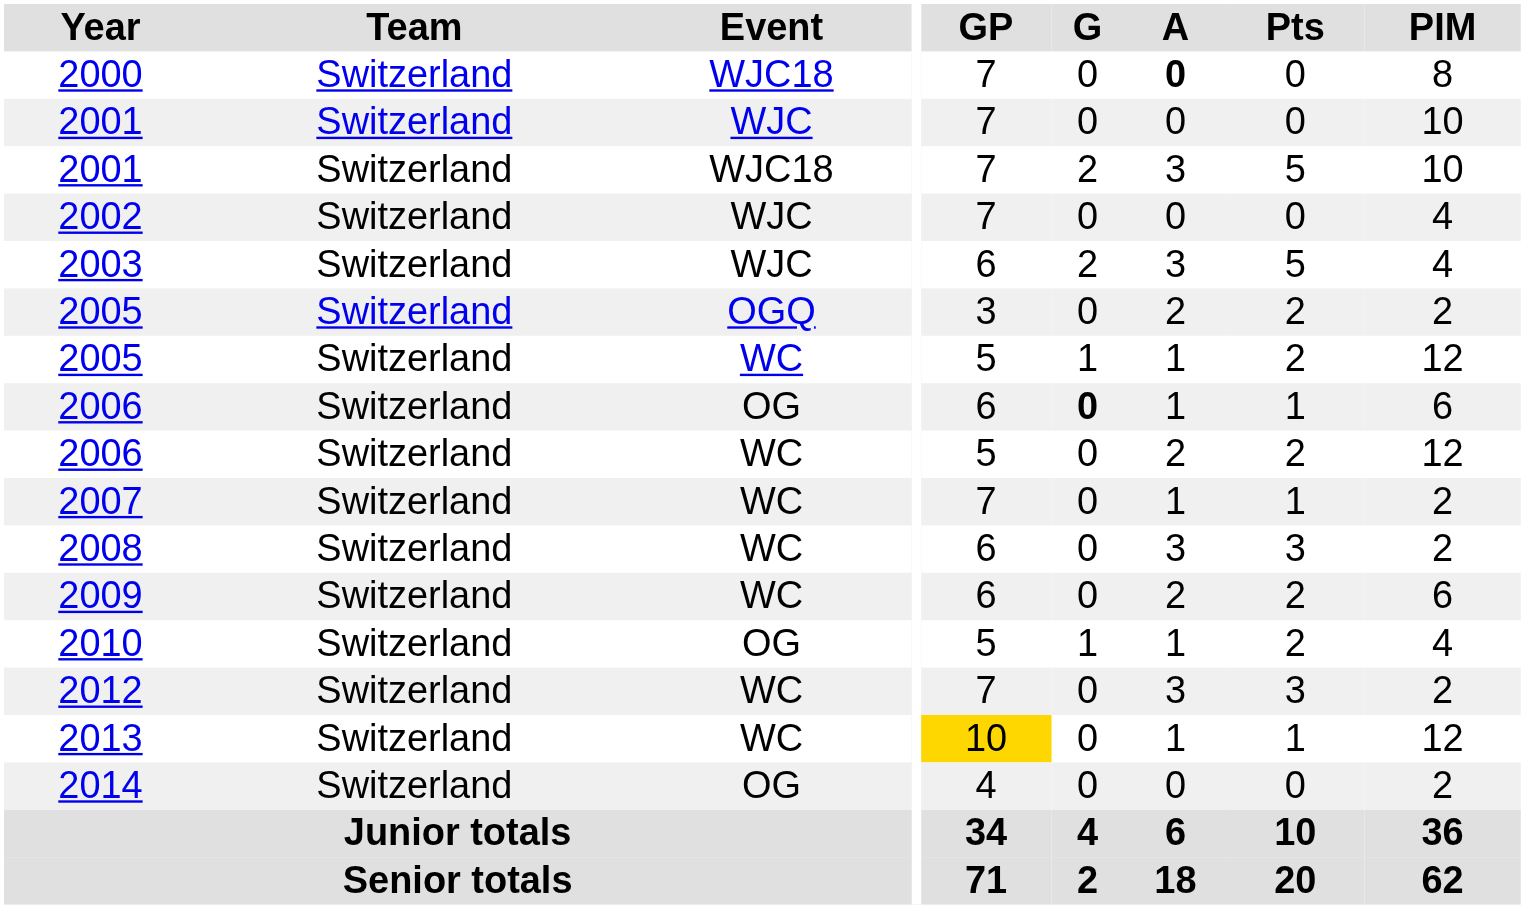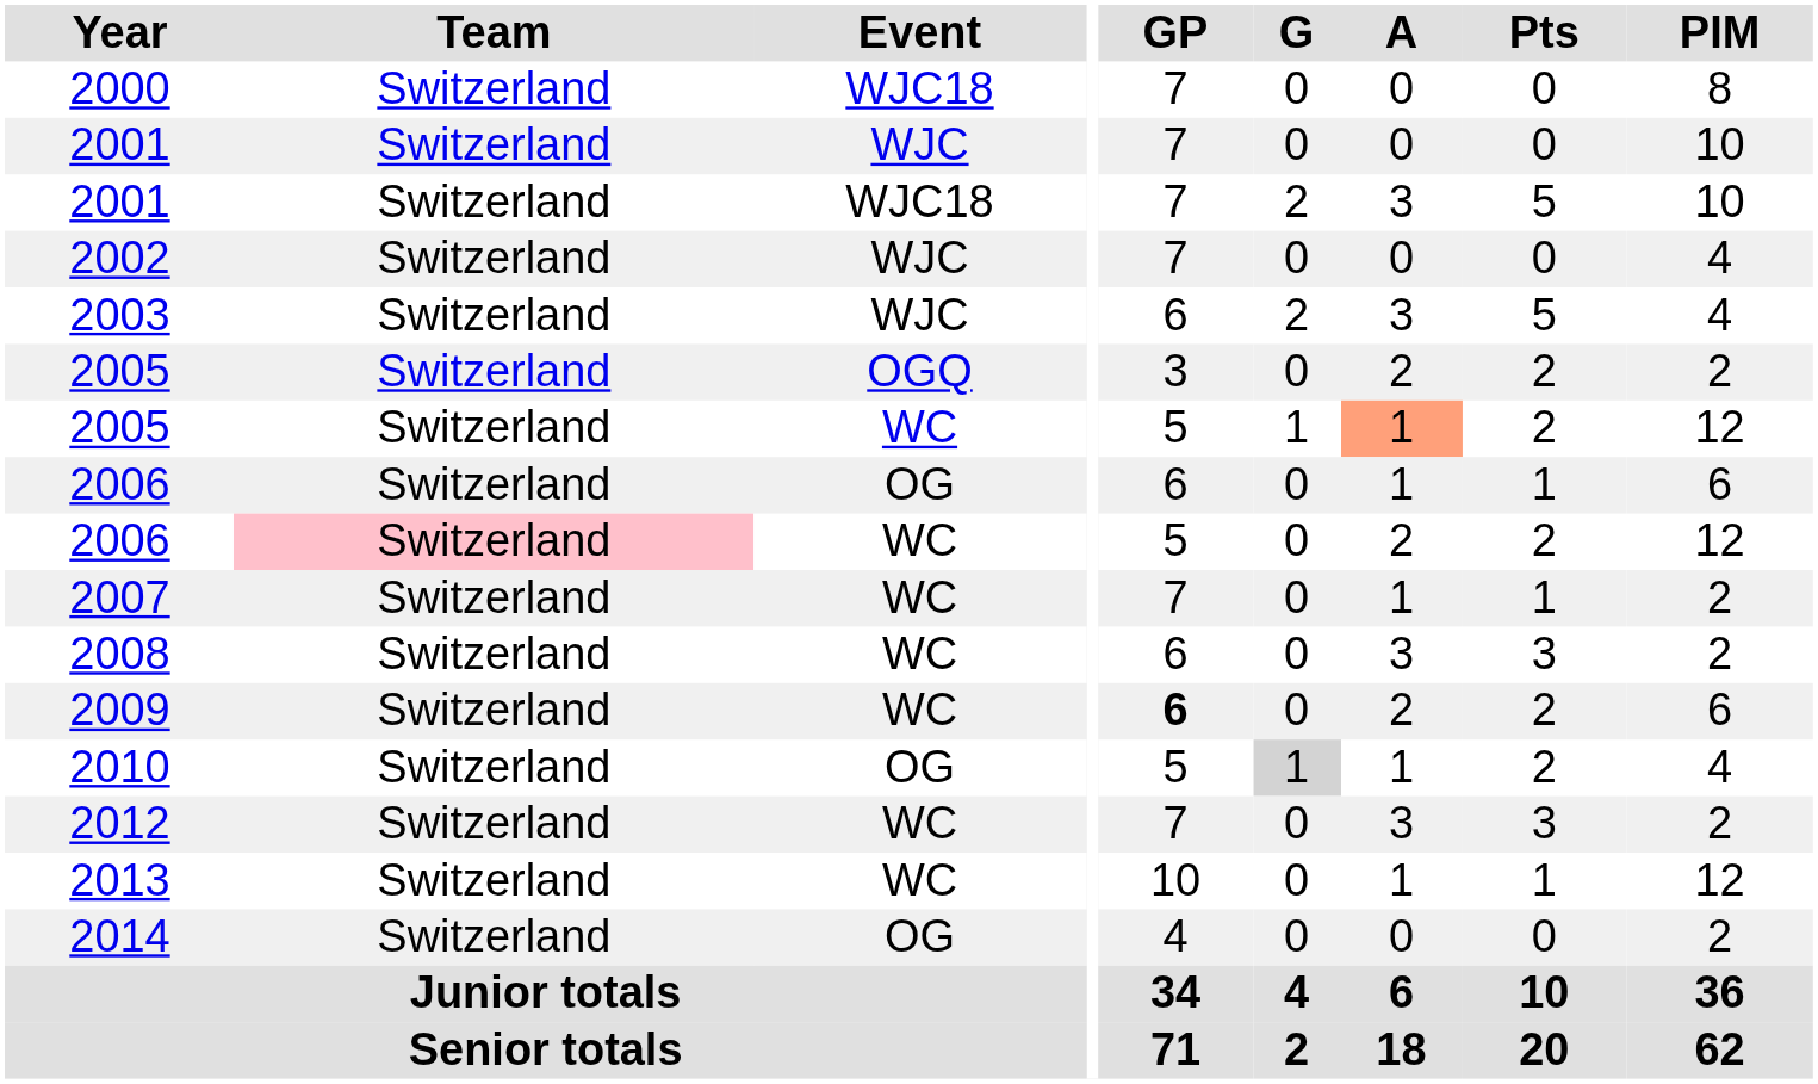 <table border="0" cellpadding="1" cellspacing="0" ID="Table3" style="text-align:center; width:40em">
 <tr ALIGN="center" bgcolor="#e0e0e0">
 <th>Year</th>
 <th>Team</th>
 <th>Event</th>
 <th rowspan="99" bgcolor="#ffffff"></th>
 <th>GP</th>
 <th>G</th>
 <th>A</th>
 <th>Pts</th>
 <th>PIM</th>
 </tr>
 <tr>
 <td><a href='#'>2000</a></td>
 <td><a href='#'>Switzerland</a></td>
 <td><a href='#'>WJC18</a></td>
 <td>7</td>
 <td>0</td>
-<td><strong>0</strong></td>
+<td>0</td>
 <td>0</td>
 <td>8</td>
 </tr>
 <tr bgcolor="#f0f0f0">
 <td><a href='#'>2001</a></td>
 <td><a href='#'>Switzerland</a></td>
 <td><a href='#'>WJC</a></td>
 <td>7</td>
 <td>0</td>
 <td>0</td>
 <td>0</td>
 <td>10</td>
 </tr>
 <tr>
 <td><a href='#'>2001</a></td>
 <td>Switzerland</td>
 <td>WJC18</td>
 <td>7</td>
 <td>2</td>
 <td>3</td>
 <td>5</td>
 <td>10</td>
 </tr>
 <tr bgcolor="#f0f0f0">
 <td><a href='#'>2002</a></td>
 <td>Switzerland</td>
 <td>WJC</td>
 <td>7</td>
 <td>0</td>
 <td>0</td>
 <td>0</td>
 <td>4</td>
 </tr>
 <tr>
 <td><a href='#'>2003</a></td>
 <td>Switzerland</td>
 <td>WJC</td>
 <td>6</td>
 <td>2</td>
 <td>3</td>
 <td>5</td>
 <td>4</td>
 </tr>
 <tr bgcolor="#f0f0f0">
 <td><a href='#'>2005</a></td>
 <td><a href='#'>Switzerland</a></td>
 <td><a href='#'>OGQ</a></td>
 <td>3</td>
 <td>0</td>
 <td>2</td>
 <td>2</td>
 <td>2</td>
 </tr>
 <tr>
 <td><a href='#'>2005</a></td>
 <td>Switzerland</td>
 <td><a href='#'>WC</a></td>
 <td>5</td>
 <td>1</td>
-<td>1</td>
+<td style="background: lightsalmon;">1</td>
 <td>2</td>
 <td>12</td>
 </tr>
 <tr bgcolor="#f0f0f0">
 <td><a href='#'>2006</a></td>
 <td>Switzerland</td>
 <td>OG</td>
 <td>6</td>
-<td><strong>0</strong></td>
+<td>0</td>
 <td>1</td>
 <td>1</td>
 <td>6</td>
 </tr>
 <tr>
 <td><a href='#'>2006</a></td>
-<td>Switzerland</td>
+<td style="background: pink;">Switzerland</td>
 <td>WC</td>
 <td>5</td>
 <td>0</td>
 <td>2</td>
 <td>2</td>
 <td>12</td>
 </tr>
 <tr bgcolor="#f0f0f0">
 <td><a href='#'>2007</a></td>
 <td>Switzerland</td>
 <td>WC</td>
 <td>7</td>
 <td>0</td>
 <td>1</td>
 <td>1</td>
 <td>2</td>
 </tr>
 <tr>
 <td><a href='#'>2008</a></td>
 <td>Switzerland</td>
 <td>WC</td>
 <td>6</td>
 <td>0</td>
 <td>3</td>
 <td>3</td>
 <td>2</td>
 </tr>
 <tr bgcolor="#f0f0f0">
 <td><a href='#'>2009</a></td>
 <td>Switzerland</td>
 <td>WC</td>
-<td>6</td>
+<td><strong>6</strong></td>
 <td>0</td>
 <td>2</td>
 <td>2</td>
 <td>6</td>
 </tr>
 <tr>
 <td><a href='#'>2010</a></td>
 <td>Switzerland</td>
 <td>OG</td>
 <td>5</td>
-<td>1</td>
+<td style="background: lightgrey;">1</td>
 <td>1</td>
 <td>2</td>
 <td>4</td>
 </tr>
 <tr bgcolor="#f0f0f0">
 <td><a href='#'>2012</a></td>
 <td>Switzerland</td>
 <td>WC</td>
 <td>7</td>
 <td>0</td>
 <td>3</td>
 <td>3</td>
 <td>2</td>
 </tr>
 <tr>
 <td><a href='#'>2013</a></td>
 <td>Switzerland</td>
 <td>WC</td>
-<td style="background: gold;">10</td>
+<td>10</td>
 <td>0</td>
 <td>1</td>
 <td>1</td>
 <td>12</td>
 </tr>
 <tr bgcolor="#f0f0f0">
 <td><a href='#'>2014</a></td>
 <td>Switzerland</td>
 <td>OG</td>
 <td>4</td>
 <td>0</td>
 <td>0</td>
 <td>0</td>
 <td>2</td>
 </tr>
 <tr bgcolor="#e0e0e0">
 <th colspan=3>Junior totals</th>
 <th>34</th>
 <th>4</th>
 <th>6</th>
 <th>10</th>
 <th>36</th>
 </tr>
 <tr bgcolor="#e0e0e0">
 <th colspan=3>Senior totals</th>
 <th>71</th>
 <th>2</th>
 <th>18</th>
 <th>20</th>
 <th>62</th>
 </tr>
 </table>
